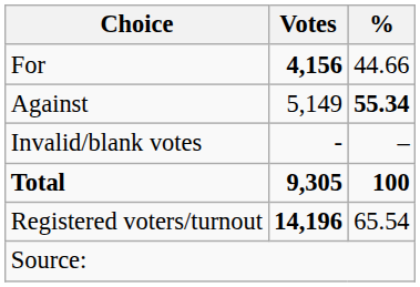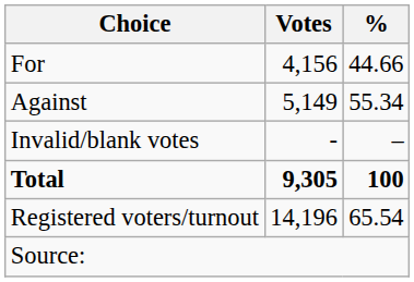 <table class=wikitable style=text-align:right>
 <tr>
 <th>Choice</th>
 <th>Votes</th>
 <th>%</th>
 </tr>
 <tr>
 <td align=left>For</td>
-<td><strong>4,156</strong></td>
+<td>4,156</td>
 <td>44.66</td>
 </tr>
 <tr>
 <td align=left>Against</td>
 <td>5,149</td>
-<td><strong>55.34</strong></td>
+<td>55.34</td>
 </tr>
 <tr>
 <td align=left>Invalid/blank votes</td>
 <td>-</td>
 <td>–</td>
 </tr>
 <tr>
 <td align=left><strong>Total</strong></td>
 <td><strong>9,305</strong></td>
 <td><strong>100</strong></td>
 </tr>
 <tr>
 <td align=left>Registered voters/turnout</td>
-<td><strong>14,196</strong></td>
+<td>14,196</td>
 <td>65.54</td>
 </tr>
 <tr>
 <td colspan=3 align=left>Source: </td>
 </tr>
 </table>
